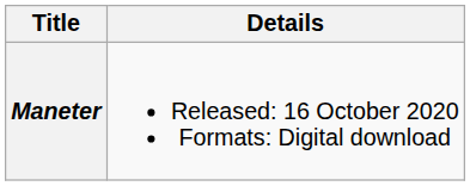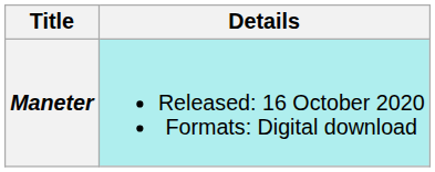 <table class="wikitable plainrowheaders" style="text-align:center;">
 <tr>
 <th>Title</th>
 <th>Details</th>
 </tr>
 <tr>
 <th scope="row"><em>Maneter</em></th>
-<td><br><ul><li>Released: 16 October 2020</li><li>Formats: Digital download</li></ul></td>
+<td style="background: paleturquoise;"><br><ul><li>Released: 16 October 2020</li><li>Formats: Digital download</li></ul></td>
 </tr>
 </table>
